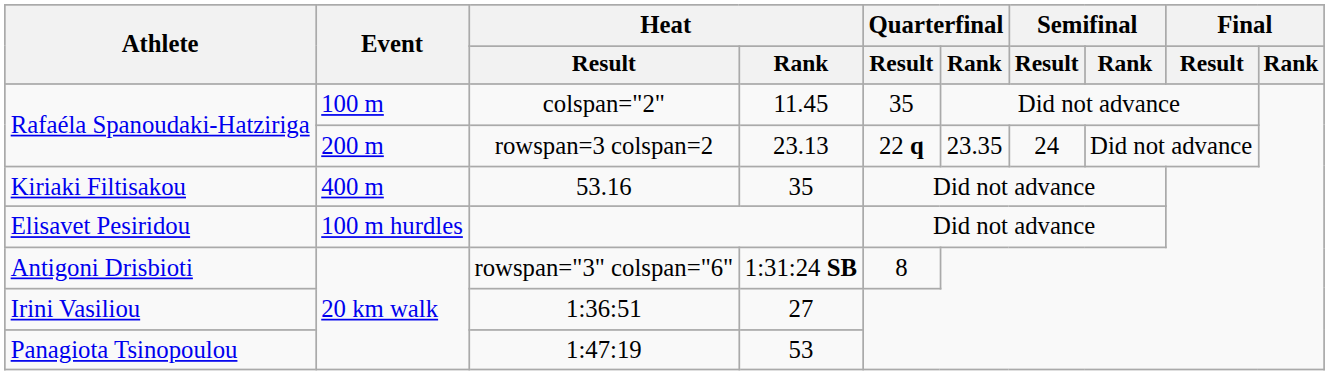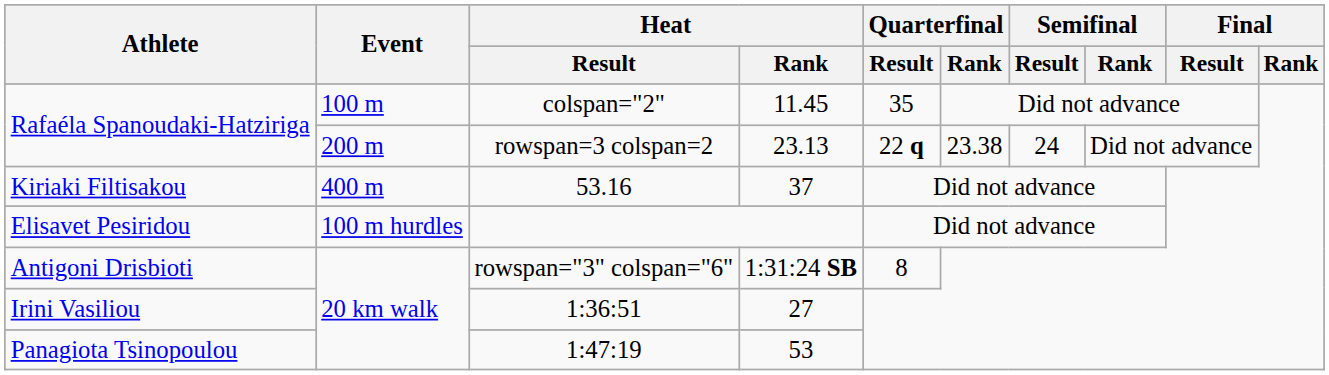 <table class="wikitable" style="font-size:90%">
 <tr>
 <th rowspan="2">Athlete</th>
 <th rowspan="2">Event</th>
 <th colspan="2">Heat</th>
 <th colspan="2">Quarterfinal</th>
 <th colspan="2">Semifinal</th>
 <th colspan="2">Final</th>
 </tr>
 <tr style="font-size:95%">
 <th>Result</th>
 <th>Rank</th>
 <th>Result</th>
 <th>Rank</th>
 <th>Result</th>
 <th>Rank</th>
 <th>Result</th>
 <th>Rank</th>
 </tr>
 <tr align="center">
 <td align=left rowspan=2><a href='#'>Rafaéla Spanoudaki-Hatziriga</a></td>
 <td align=left><a href='#'>100 m</a></td>
 <td>colspan="2" </td>
 <td>11.45</td>
 <td>35</td>
 <td colspan=4>Did not advance</td>
 </tr>
 <tr align="center">
 <td align=left><a href='#'>200 m</a></td>
 <td>rowspan=3 colspan=2 </td>
 <td>23.13</td>
 <td>22 <strong>q</strong></td>
-<td>23.35</td>
+<td>23.38</td>
 <td>24</td>
 <td colspan=2>Did not advance</td>
 </tr>
 <tr align="center">
 <td align="left"><a href='#'>Kiriaki Filtisakou</a></td>
 <td align=left><a href='#'>400 m</a></td>
 <td>53.16</td>
-<td>35</td>
+<td>37</td>
 <td colspan=4>Did not advance</td>
 </tr>
 <tr align="center">
 <td align=left><a href='#'>Elisavet Pesiridou</a></td>
 <td align=left><a href='#'>100 m hurdles</a></td>
 <td colspan=2></td>
 <td colspan=4>Did not advance</td>
 </tr>
 <tr align="center">
 <td align="left"><a href='#'>Antigoni Drisbioti</a></td>
 <td align=left rowspan=3><a href='#'>20 km walk</a></td>
 <td>rowspan="3" colspan="6" </td>
 <td>1:31:24 <strong>SB</strong></td>
 <td>8</td>
 </tr>
 <tr align="center">
 <td align=left><a href='#'>Irini Vasiliou</a></td>
 <td>1:36:51</td>
 <td>27</td>
 </tr>
 <tr align="center">
 <td align="left"><a href='#'>Panagiota Tsinopoulou</a></td>
 <td>1:47:19</td>
 <td>53</td>
 </tr>
 </table>
